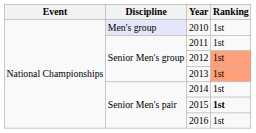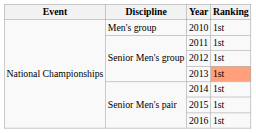 <table class="wikitable">
 <tr>
 <th>Event</th>
 <th>Discipline</th>
 <th>Year</th>
 <th>Ranking</th>
 </tr>
 <tr>
 <td rowspan="7">National Championships</td>
-<td style="background: lavender;">Men's group</td>
+<td>Men's group</td>
 <td>2010</td>
 <td>1st</td>
 </tr>
 <tr>
 <td rowspan="3">Senior Men's group</td>
 <td>2011</td>
 <td>1st</td>
 </tr>
 <tr>
 <td>2012</td>
-<td style="background: lightsalmon;">1st</td>
+<td>1st</td>
 </tr>
 <tr>
 <td>2013</td>
 <td style="background: lightsalmon;">1st</td>
 </tr>
 <tr>
 <td rowspan="3">Senior Men's pair</td>
 <td>2014</td>
 <td>1st</td>
 </tr>
 <tr>
 <td>2015</td>
-<td><strong>1st</strong></td>
+<td>1st</td>
 </tr>
 <tr>
 <td>2016</td>
 <td>1st</td>
 </tr>
 </table>
